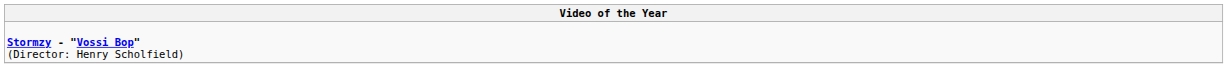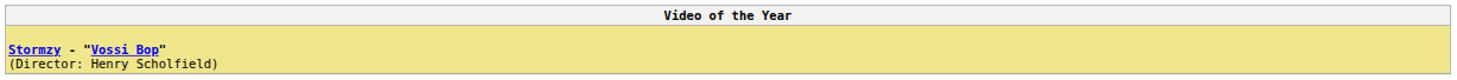 <table class="wikitable" style="width:95%">
 <tr bgcolor="#bebebe">
 <th width="100%">Video of the Year</th>
 </tr>
 <tr>
-<td valign="top"><br><strong><a href='#'>Stormzy</a> - "<a href='#'>Vossi Bop</a>"</strong> <br> (Director: Henry Scholfield)</td>
+<td valign="top" style="background: khaki;"><br><strong><a href='#'>Stormzy</a> - "<a href='#'>Vossi Bop</a>"</strong> <br> (Director: Henry Scholfield)</td>
 </tr>
 <tr>
 </tr>
 </table>
